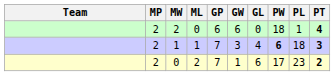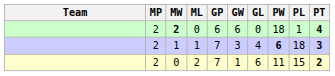 <table class=wikitable style="text-align:center">
 <tr>
 <th width=175>Team</th>
 <th width=20>MP</th>
 <th width=20>MW</th>
 <th width=20>ML</th>
 <th width=20>GP</th>
 <th width=20>GW</th>
 <th width=20>GL</th>
 <th width=20>PW</th>
 <th width=20>PL</th>
 <th width=20>PT</th>
 </tr>
 <tr style="background-color:#ccffcc;">
 <td style="text-align:left;"></td>
 <td>2</td>
-<td>2</td>
+<td><strong>2</strong></td>
 <td>0</td>
 <td>6</td>
 <td>6</td>
 <td>0</td>
 <td>18</td>
 <td>1</td>
 <td><strong>4</strong></td>
 </tr>
 <tr style="background-color:#ccccff;">
 <td style="text-align:left;"></td>
 <td>2</td>
 <td>1</td>
 <td>1</td>
 <td>7</td>
 <td>3</td>
 <td>4</td>
 <td><strong>6</strong></td>
 <td>18</td>
 <td><strong>3</strong></td>
 </tr>
 <tr style="background-color:#ffffcc;">
 <td style="text-align:left;"></td>
 <td>2</td>
 <td>0</td>
 <td>2</td>
 <td>7</td>
 <td>1</td>
 <td>6</td>
-<td>17</td>
-<td>23</td>
+<td>11</td>
+<td>15</td>
 <td><strong>2</strong></td>
 </tr>
 </table>
